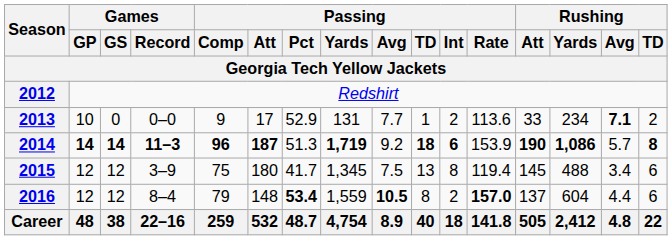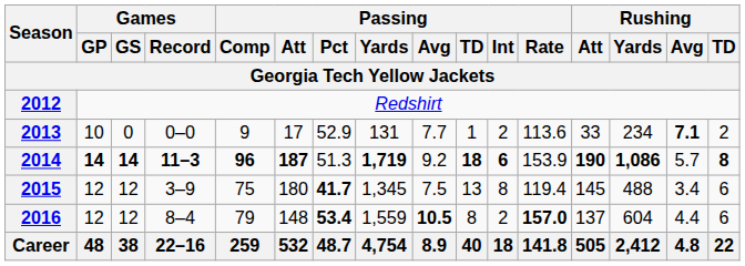 <table class="wikitable" style="text-align:center;">
 <tr>
 <th rowspan="2">Season</th>
 <th colspan="3">Games</th>
 <th colspan="8">Passing</th>
 <th colspan="5">Rushing</th>
 </tr>
 <tr>
 <th>GP</th>
 <th>GS</th>
 <th>Record</th>
 <th>Comp</th>
 <th>Att</th>
 <th>Pct</th>
 <th>Yards</th>
 <th>Avg</th>
 <th>TD</th>
 <th>Int</th>
 <th>Rate</th>
 <th>Att</th>
 <th>Yards</th>
 <th>Avg</th>
 <th>TD</th>
 </tr>
 <tr>
 <th colspan="16">Georgia Tech Yellow Jackets</th>
 </tr>
 <tr>
 <th><a href='#'>2012</a></th>
 <td colspan="15"><em><a href='#'>Redshirt</a> </em></td>
 </tr>
 <tr>
 <th><a href='#'>2013</a></th>
 <td>10</td>
 <td>0</td>
 <td>0–0</td>
 <td>9</td>
 <td>17</td>
 <td>52.9</td>
 <td>131</td>
 <td>7.7</td>
 <td>1</td>
 <td>2</td>
 <td>113.6</td>
 <td>33</td>
 <td>234</td>
 <td><strong>7.1</strong></td>
 <td>2</td>
 </tr>
 <tr>
 <th><a href='#'>2014</a></th>
 <td><strong>14</strong></td>
 <td><strong>14</strong></td>
 <td><strong>11–3</strong></td>
 <td><strong>96</strong></td>
 <td><strong>187</strong></td>
 <td>51.3</td>
 <td><strong>1,719</strong></td>
 <td>9.2</td>
 <td><strong>18</strong></td>
 <td><strong>6</strong></td>
 <td>153.9</td>
 <td><strong>190</strong></td>
 <td><strong>1,086</strong></td>
 <td>5.7</td>
 <td><strong>8</strong></td>
 </tr>
 <tr>
 <th><a href='#'>2015</a></th>
 <td>12</td>
 <td>12</td>
 <td>3–9</td>
 <td>75</td>
 <td>180</td>
-<td>41.7</td>
+<td><strong>41.7</strong></td>
 <td>1,345</td>
 <td>7.5</td>
 <td>13</td>
 <td>8</td>
 <td>119.4</td>
 <td>145</td>
 <td>488</td>
 <td>3.4</td>
 <td>6</td>
 </tr>
 <tr>
 <th><a href='#'>2016</a></th>
 <td>12</td>
 <td>12</td>
 <td>8–4</td>
 <td>79</td>
 <td>148</td>
 <td><strong>53.4</strong></td>
 <td>1,559</td>
 <td><strong>10.5</strong></td>
 <td>8</td>
 <td>2</td>
 <td><strong>157.0</strong></td>
 <td>137</td>
 <td>604</td>
 <td>4.4</td>
 <td>6</td>
 </tr>
 <tr>
 <th>Career</th>
 <th>48</th>
 <th>38</th>
 <th>22–16</th>
 <th>259</th>
 <th>532</th>
 <th>48.7</th>
 <th>4,754</th>
 <th>8.9</th>
 <th>40</th>
 <th>18</th>
 <th>141.8</th>
 <th>505</th>
 <th>2,412</th>
 <th>4.8</th>
 <th>22</th>
 </tr>
 </table>
